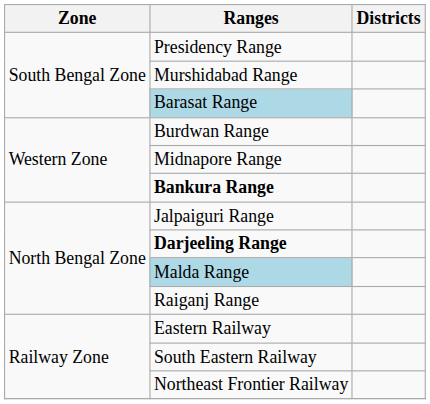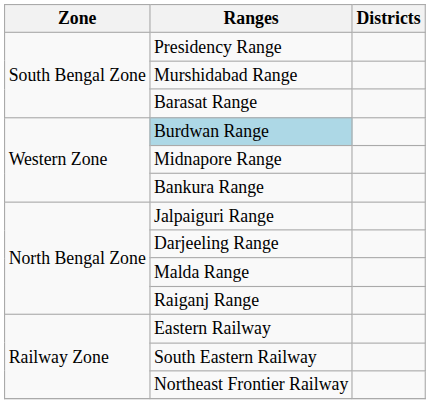 <table class="wikitable">
 <tr>
 <th>Zone</th>
 <th>Ranges</th>
 <th>Districts</th>
 </tr>
 <tr>
 <td rowspan=3>South Bengal Zone</td>
 <td>Presidency Range</td>
 <td></td>
 </tr>
 <tr>
 <td>Murshidabad Range</td>
 <td></td>
 </tr>
 <tr>
-<td style="background: lightblue;">Barasat Range</td>
+<td>Barasat Range</td>
 <td></td>
 </tr>
 <tr>
 <td rowspan=3>Western Zone</td>
-<td>Burdwan Range</td>
+<td style="background: lightblue;">Burdwan Range</td>
 <td></td>
 </tr>
 <tr>
 <td>Midnapore Range</td>
 <td></td>
 </tr>
 <tr>
-<td><strong>Bankura Range</strong></td>
+<td>Bankura Range</td>
 <td></td>
 </tr>
 <tr>
 <td rowspan=4>North Bengal Zone</td>
 <td>Jalpaiguri Range</td>
 <td></td>
 </tr>
 <tr>
-<td><strong>Darjeeling Range</strong></td>
+<td>Darjeeling Range</td>
 <td></td>
 </tr>
 <tr>
-<td style="background: lightblue;">Malda Range</td>
+<td>Malda Range</td>
 <td></td>
 </tr>
 <tr>
 <td>Raiganj Range</td>
 <td></td>
 </tr>
 <tr>
 <td rowspan=3>Railway Zone</td>
 <td>Eastern Railway</td>
 <td></td>
 </tr>
 <tr>
 <td>South Eastern Railway</td>
 <td></td>
 </tr>
 <tr>
 <td>Northeast Frontier Railway</td>
 <td></td>
 </tr>
 <tr>
 </tr>
 </table>
